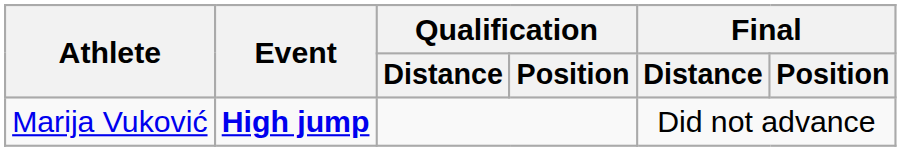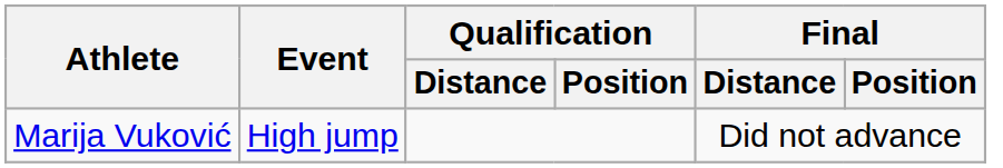 <table class=wikitable style=font-size:90%>
 <tr>
 <th rowspan=2>Athlete</th>
 <th rowspan=2>Event</th>
 <th colspan=2>Qualification</th>
 <th colspan=2>Final</th>
 </tr>
 <tr style=font-size:95%>
 <th>Distance</th>
 <th>Position</th>
 <th>Distance</th>
 <th>Position</th>
 </tr>
 <tr align=center>
 <td align=left><a href='#'>Marija Vuković</a></td>
-<td align=left><strong><a href='#'>High jump</a></strong></td>
+<td align=left><a href='#'>High jump</a></td>
 <td colspan=2></td>
 <td colspan=2>Did not advance</td>
 </tr>
 </table>
